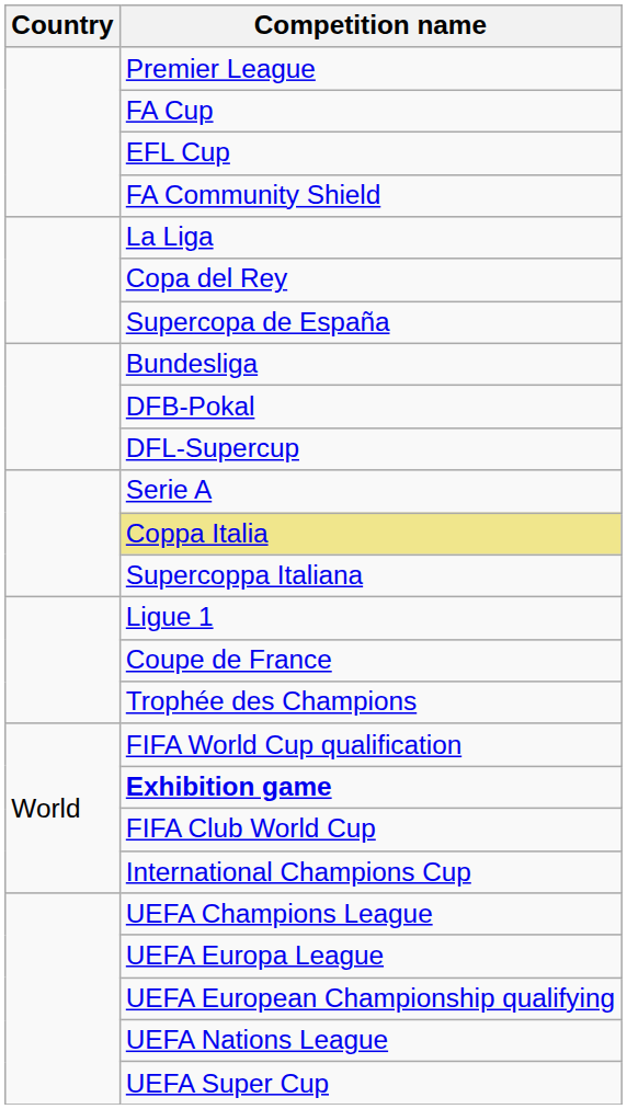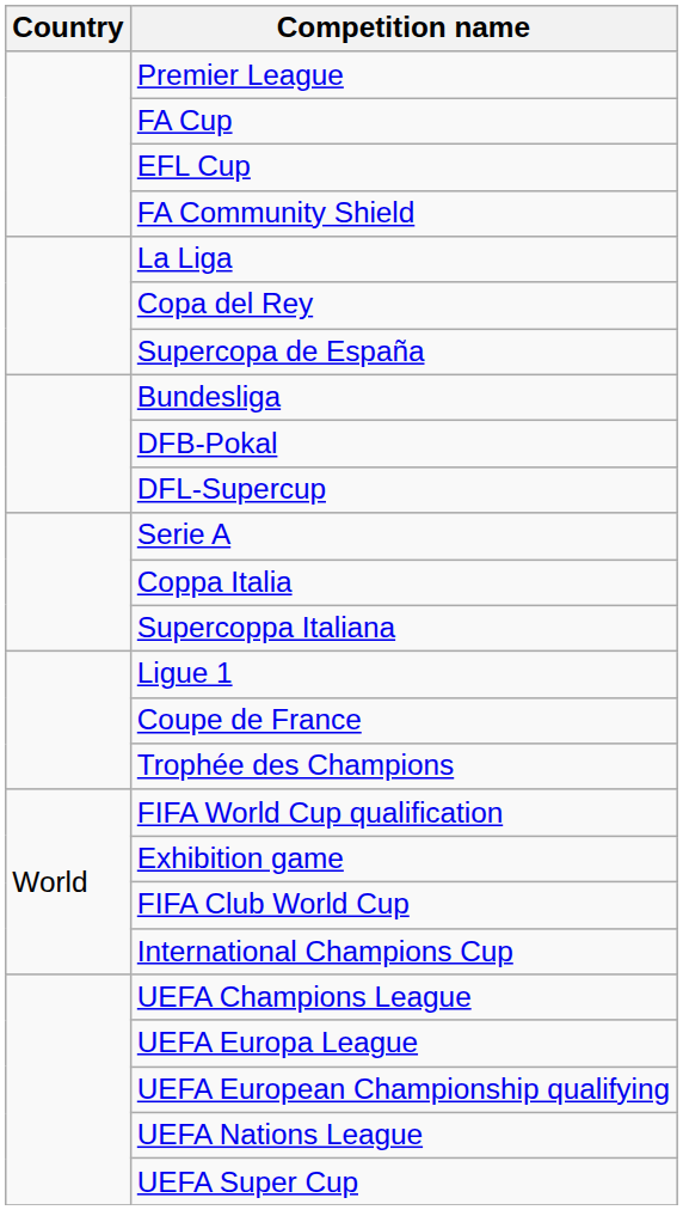 <table class="wikitable">
 <tr>
 <th>Country</th>
 <th>Competition name</th>
 </tr>
 <tr>
 <td rowspan="4"></td>
 <td><a href='#'>Premier League</a></td>
 </tr>
 <tr>
 <td><a href='#'>FA Cup</a></td>
 </tr>
 <tr>
 <td><a href='#'>EFL Cup</a></td>
 </tr>
 <tr>
 <td><a href='#'>FA Community Shield</a></td>
 </tr>
 <tr>
 <td rowspan="3"></td>
 <td><a href='#'>La Liga</a></td>
 </tr>
 <tr>
 <td><a href='#'>Copa del Rey</a></td>
 </tr>
 <tr>
 <td><a href='#'>Supercopa de España</a></td>
 </tr>
 <tr>
 <td rowspan="3"></td>
 <td><a href='#'>Bundesliga</a></td>
 </tr>
 <tr>
 <td><a href='#'>DFB-Pokal</a></td>
 </tr>
 <tr>
 <td><a href='#'>DFL-Supercup</a></td>
 </tr>
 <tr>
 <td rowspan="3"></td>
 <td><a href='#'>Serie A</a></td>
 </tr>
 <tr>
-<td style="background: khaki;"><a href='#'>Coppa Italia</a></td>
+<td><a href='#'>Coppa Italia</a></td>
 </tr>
 <tr>
 <td><a href='#'>Supercoppa Italiana</a></td>
 </tr>
 <tr>
 <td rowspan="3"></td>
 <td><a href='#'>Ligue 1</a></td>
 </tr>
 <tr>
 <td><a href='#'>Coupe de France</a></td>
 </tr>
 <tr>
 <td><a href='#'>Trophée des Champions</a></td>
 </tr>
 <tr>
 <td rowspan="4">World</td>
 <td><a href='#'>FIFA World Cup qualification</a></td>
 </tr>
 <tr>
-<td><strong><a href='#'>Exhibition game</a></strong></td>
+<td><a href='#'>Exhibition game</a></td>
 </tr>
 <tr>
 <td><a href='#'>FIFA Club World Cup</a></td>
 </tr>
 <tr>
 <td><a href='#'>International Champions Cup</a></td>
 </tr>
 <tr>
 <td rowspan="5"></td>
 <td><a href='#'>UEFA Champions League</a></td>
 </tr>
 <tr>
 <td><a href='#'>UEFA Europa League</a></td>
 </tr>
 <tr>
 <td><a href='#'>UEFA European Championship qualifying</a></td>
 </tr>
 <tr>
 <td><a href='#'>UEFA Nations League</a></td>
 </tr>
 <tr>
 <td><a href='#'>UEFA Super Cup</a></td>
 </tr>
 </table>
